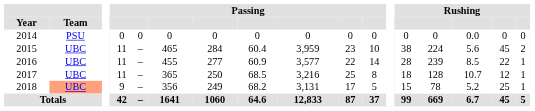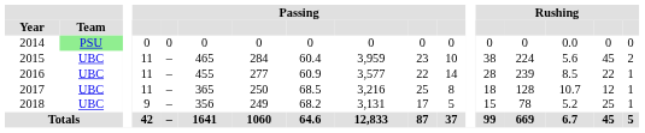 <table BORDER="0" CELLPADDING="1" CELLSPACING="0" width="65%" style="text-align:center">
 <tr bgcolor="#e0e0e0">
 <th colspan="2"></th>
 <th rowspan="99" bgcolor="#ffffff"> </th>
 <th colspan="8">Passing</th>
 <th rowspan="99" bgcolor="#ffffff"> </th>
 <th colspan="6">Rushing</th>
 </tr>
 <tr bgcolor="#e0e0e0">
 <th>Year</th>
 <th>Team</th>
 <th></th>
 <th></th>
 <th></th>
 <th></th>
 <th></th>
 <th></th>
 <th></th>
 <th></th>
 <th></th>
 <th></th>
 <th></th>
 <th></th>
 <th></th>
 </tr>
 <tr ALIGN="center">
 <td>2014</td>
-<td><a href='#'>PSU</a></td>
+<td style="background: lightgreen;"><a href='#'>PSU</a></td>
 <td>0</td>
 <td>0</td>
 <td>0</td>
 <td>0</td>
 <td>0</td>
 <td>0</td>
 <td>0</td>
 <td>0</td>
 <td>0</td>
 <td>0</td>
 <td>0.0</td>
 <td>0</td>
 <td>0</td>
 </tr>
 <tr ALIGN="center">
 <td>2015</td>
 <td><a href='#'>UBC</a></td>
 <td>11</td>
 <td>–</td>
 <td>465</td>
 <td>284</td>
 <td>60.4</td>
 <td>3,959</td>
 <td>23</td>
 <td>10</td>
 <td>38</td>
 <td>224</td>
 <td>5.6</td>
 <td>45</td>
 <td>2</td>
 </tr>
 <tr ALIGN="center">
 <td>2016</td>
 <td><a href='#'>UBC</a></td>
 <td>11</td>
 <td>–</td>
 <td>455</td>
 <td>277</td>
 <td>60.9</td>
 <td>3,577</td>
 <td>22</td>
 <td>14</td>
 <td>28</td>
 <td>239</td>
 <td>8.5</td>
 <td>22</td>
 <td>1</td>
 </tr>
 <tr ALIGN="center">
 <td>2017</td>
 <td><a href='#'>UBC</a></td>
 <td>11</td>
 <td>–</td>
 <td>365</td>
 <td>250</td>
 <td>68.5</td>
 <td>3,216</td>
 <td>25</td>
 <td>8</td>
 <td>18</td>
 <td>128</td>
 <td>10.7</td>
 <td>12</td>
 <td>1</td>
 </tr>
 <tr ALIGN="center">
 <td>2018</td>
-<td style="background: lightsalmon;"><a href='#'>UBC</a></td>
+<td><a href='#'>UBC</a></td>
 <td>9</td>
 <td>–</td>
 <td>356</td>
 <td>249</td>
 <td>68.2</td>
 <td>3,131</td>
 <td>17</td>
 <td>5</td>
 <td>15</td>
 <td>78</td>
 <td>5.2</td>
 <td>25</td>
 <td>1</td>
 </tr>
 <tr bgcolor="#e0e0e0">
 <th colspan="2">Totals</th>
 <th>42</th>
 <th>–</th>
 <th>1641</th>
 <th>1060</th>
 <th>64.6</th>
 <th>12,833</th>
 <th>87</th>
 <th>37</th>
 <th>99</th>
 <th>669</th>
 <th>6.7</th>
 <th>45</th>
 <th>5</th>
 </tr>
 </table>
